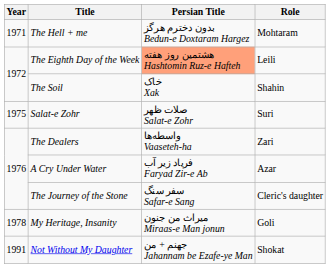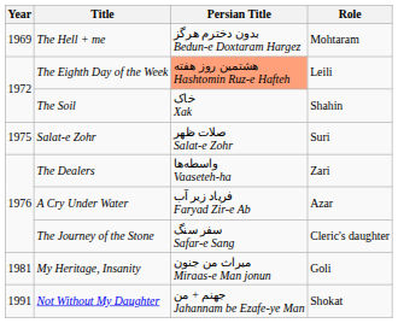 <table class="wikitable">
 <tr>
 <th>Year</th>
 <th>Title</th>
 <th>Persian Title</th>
 <th>Role</th>
 </tr>
 <tr>
-<td>1971</td>
+<td>1969</td>
 <td><em>The Hell + me</em></td>
 <td>بدون دخترم هرگز <br> <em>Bedun-e Doxtaram Hargez</em></td>
 <td>Mohtaram</td>
 </tr>
 <tr>
 <td rowspan="2">1972</td>
 <td><em>The Eighth Day of the Week</em></td>
 <td style="background: lightsalmon;">هشتمین روز هفته <br> <em>Hashtomin Ruz-e Hafteh</em></td>
 <td>Leili</td>
 </tr>
 <tr>
 <td><em>The Soil</em></td>
 <td>خاک <br> <em>Xak</em></td>
 <td>Shahin</td>
 </tr>
 <tr>
 <td>1975</td>
 <td><em>Salat-e Zohr</em></td>
 <td>صلات ظهر <br> <em>Salat-e Zohr</em></td>
 <td>Suri</td>
 </tr>
 <tr>
 <td rowspan="3">1976</td>
 <td><em>The Dealers</em></td>
 <td>واسطه‌ها <br> <em>Vaaseteh-ha</em></td>
 <td>Zari</td>
 </tr>
 <tr>
 <td><em>A Cry Under Water</em></td>
 <td>فریاد زیر آب <br> <em>Faryad Zir-e Ab</em></td>
 <td>Azar</td>
 </tr>
 <tr>
 <td><em>The Journey of the Stone</em></td>
 <td>سفر سنگ <br> <em>Safar-e Sang</em></td>
 <td>Cleric's daughter</td>
 </tr>
 <tr>
-<td>1978</td>
+<td>1981</td>
 <td><em>My Heritage, Insanity</em></td>
 <td>میراث من جنون <br> <em>Miraas-e Man jonun</em></td>
 <td>Goli</td>
 </tr>
 <tr>
 <td>1991</td>
 <td><em><a href='#'>Not Without My Daughter</a> </em></td>
 <td>جهنم + من <br> <em>Jahannam be Ezafe-ye Man</em></td>
 <td>Shokat</td>
 </tr>
 </table>
